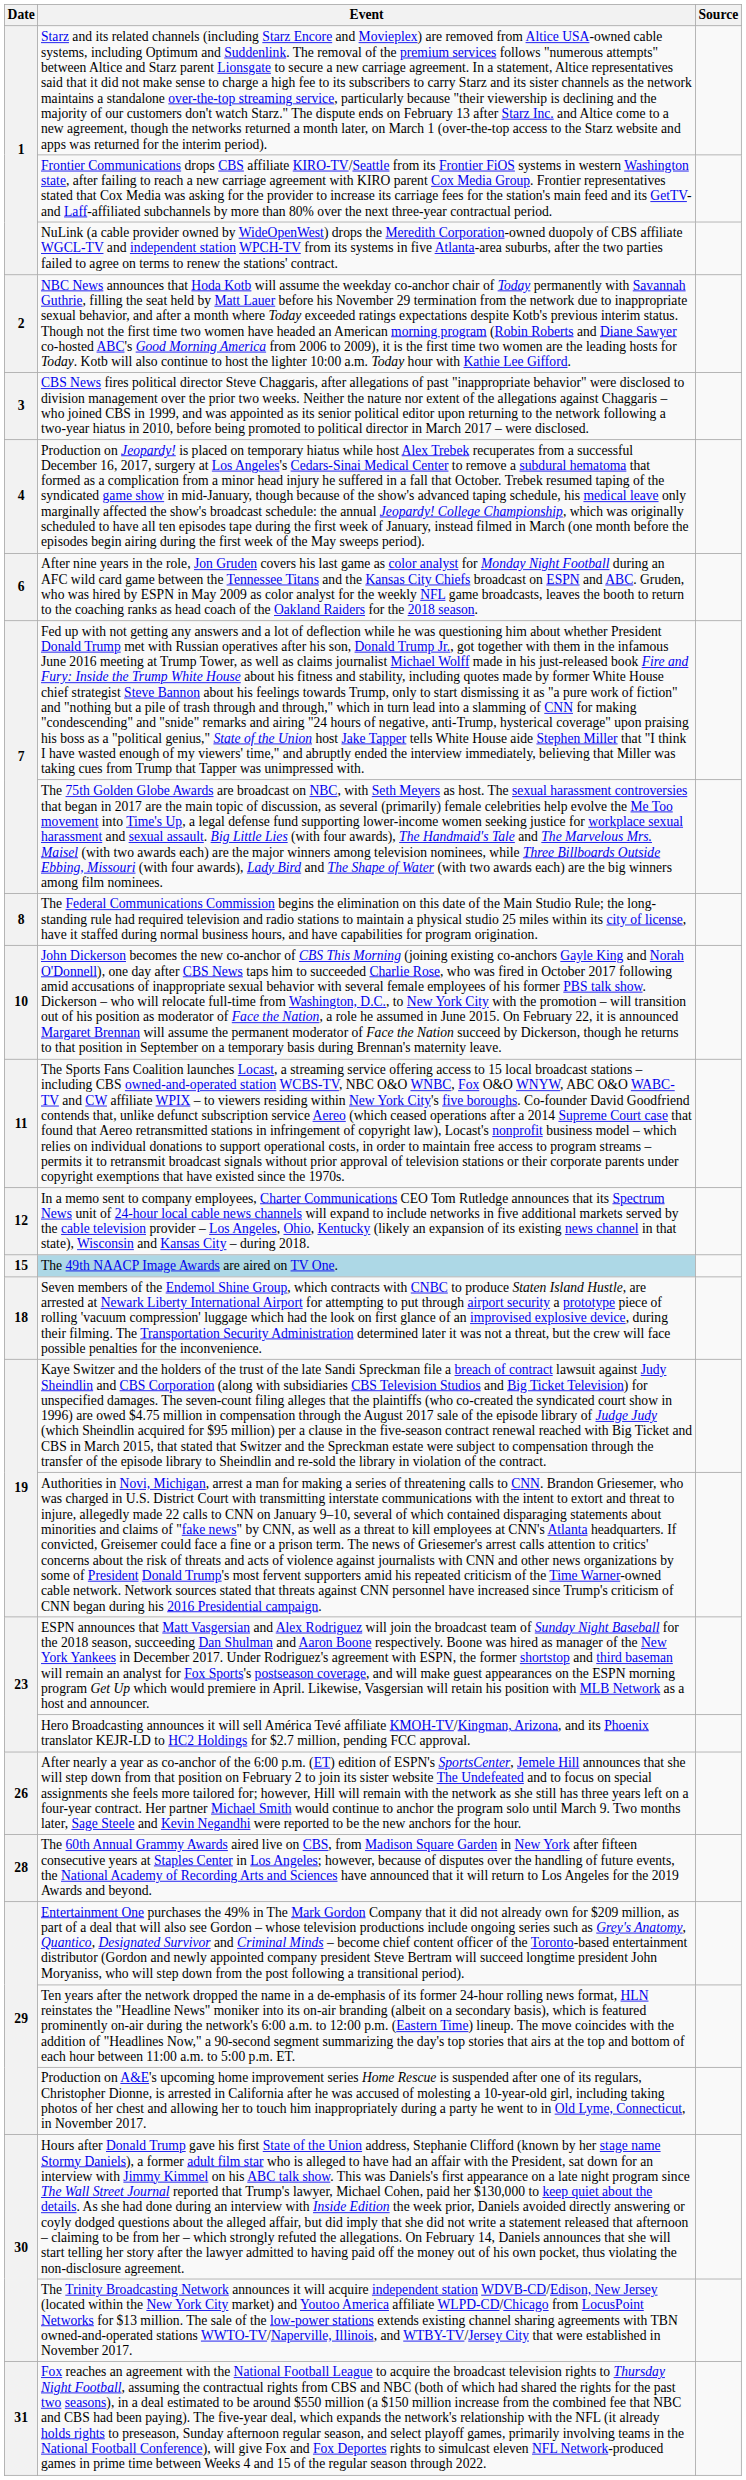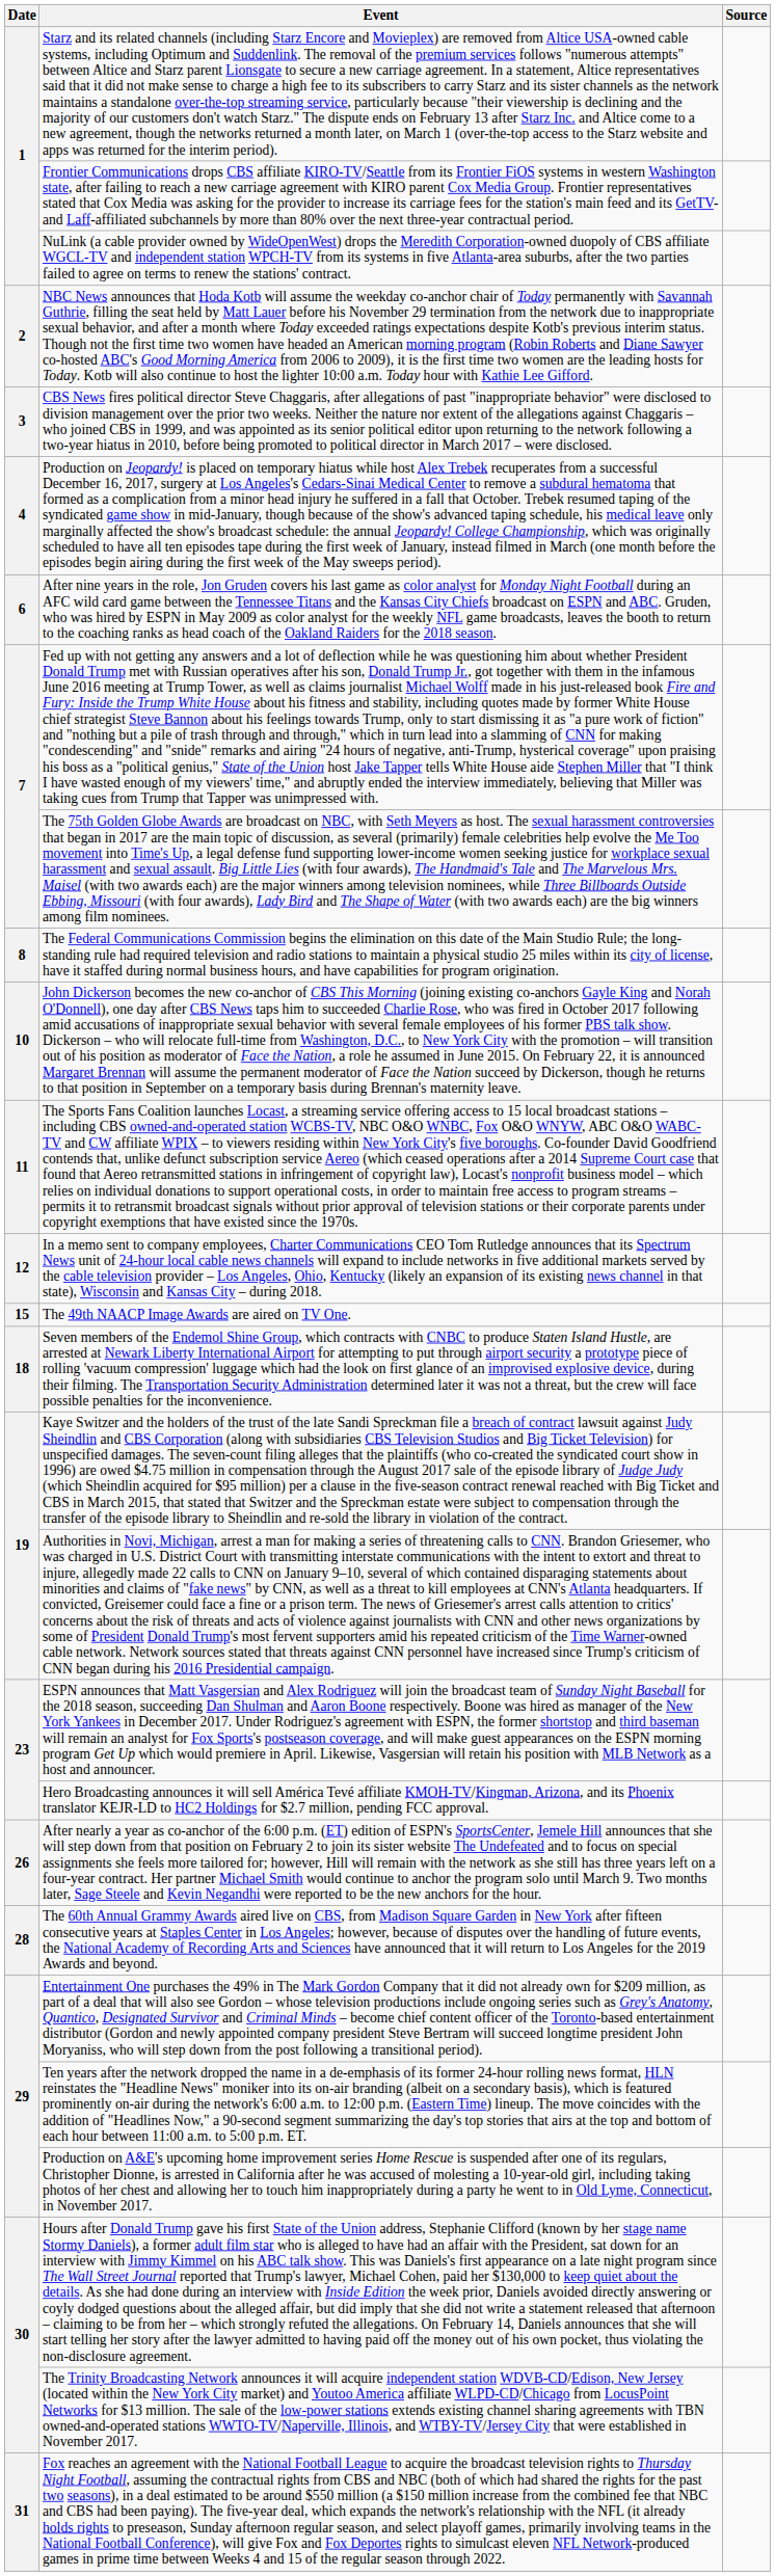 <table class="wikitable">
 <tr>
 <th>Date</th>
 <th>Event</th>
 <th>Source</th>
 </tr>
 <tr>
 <th rowspan=3>1</th>
 <td><a href='#'>Starz</a> and its related channels (including <a href='#'>Starz Encore</a> and <a href='#'>Movieplex</a>) are removed from <a href='#'>Altice USA</a>-owned cable systems, including Optimum and <a href='#'>Suddenlink</a>. The removal of the <a href='#'>premium services</a> follows "numerous attempts" between Altice and Starz parent <a href='#'>Lionsgate</a> to secure a new carriage agreement. In a statement, Altice representatives said that it did not make sense to charge a high fee to its subscribers to carry Starz and its sister channels as the network maintains a standalone <a href='#'>over-the-top streaming service</a>, particularly because "their viewership is declining and the majority of our customers don't watch Starz." The dispute ends on February 13 after <a href='#'>Starz Inc.</a> and Altice come to a new agreement, though the networks returned a month later, on March 1 (over-the-top access to the Starz website and apps was returned for the interim period).</td>
 <td></td>
 </tr>
 <tr>
 <td><a href='#'>Frontier Communications</a> drops <a href='#'>CBS</a> affiliate <a href='#'>KIRO-TV</a>/<a href='#'>Seattle</a> from its <a href='#'>Frontier FiOS</a> systems in western <a href='#'>Washington state</a>, after failing to reach a new carriage agreement with KIRO parent <a href='#'>Cox Media Group</a>. Frontier representatives stated that Cox Media was asking for the provider to increase its carriage fees for the station's main feed and its <a href='#'>GetTV</a>- and <a href='#'>Laff</a>-affiliated subchannels by more than 80% over the next three-year contractual period.</td>
 <td></td>
 </tr>
 <tr>
 <td>NuLink (a cable provider owned by <a href='#'>WideOpenWest</a>) drops the <a href='#'>Meredith Corporation</a>-owned duopoly of CBS affiliate <a href='#'>WGCL-TV</a> and <a href='#'>independent station</a> <a href='#'>WPCH-TV</a> from its systems in five <a href='#'>Atlanta</a>-area suburbs, after the two parties failed to agree on terms to renew the stations' contract.</td>
 <td></td>
 </tr>
 <tr>
 <th>2</th>
 <td><a href='#'>NBC News</a> announces that <a href='#'>Hoda Kotb</a> will assume the weekday co-anchor chair of <em><a href='#'>Today</a></em> permanently with <a href='#'>Savannah Guthrie</a>, filling the seat held by <a href='#'>Matt Lauer</a> before his November 29 termination from the network due to inappropriate sexual behavior, and after a month where <em>Today</em> exceeded ratings expectations despite Kotb's previous interim status. Though not the first time two women have headed an American <a href='#'>morning program</a> (<a href='#'>Robin Roberts</a> and <a href='#'>Diane Sawyer</a> co-hosted <a href='#'>ABC</a>'s <em><a href='#'>Good Morning America</a></em> from 2006 to 2009), it is the first time two women are the leading hosts for <em>Today</em>. Kotb will also continue to host the lighter 10:00 a.m. <em>Today</em> hour with <a href='#'>Kathie Lee Gifford</a>.</td>
 <td></td>
 </tr>
 <tr>
 <th>3</th>
 <td><a href='#'>CBS News</a> fires political director Steve Chaggaris, after allegations of past "inappropriate behavior" were disclosed to division management over the prior two weeks. Neither the nature nor extent of the allegations against Chaggaris – who joined CBS in 1999, and was appointed as its senior political editor upon returning to the network following a two-year hiatus in 2010, before being promoted to political director in March 2017 – were disclosed.</td>
 <td><br></td>
 </tr>
 <tr>
 <th>4</th>
 <td>Production on <em><a href='#'>Jeopardy!</a></em> is placed on temporary hiatus while host <a href='#'>Alex Trebek</a> recuperates from a successful December 16, 2017, surgery at <a href='#'>Los Angeles</a>'s <a href='#'>Cedars-Sinai Medical Center</a> to remove a <a href='#'>subdural hematoma</a> that formed as a complication from a minor head injury he suffered in a fall that October. Trebek resumed taping of the syndicated <a href='#'>game show</a> in mid-January, though because of the show's advanced taping schedule, his <a href='#'>medical leave</a> only marginally affected the show's broadcast schedule: the annual <em><a href='#'>Jeopardy! College Championship</a></em>, which was originally scheduled to have all ten episodes tape during the first week of January, instead filmed in March (one month before the episodes begin airing during the first week of the May sweeps period).</td>
 <td><br></td>
 </tr>
 <tr>
 <th>6</th>
 <td>After nine years in the role, <a href='#'>Jon Gruden</a> covers his last game as <a href='#'>color analyst</a> for <em><a href='#'>Monday Night Football</a></em> during an AFC wild card game between the <a href='#'>Tennessee Titans</a> and the <a href='#'>Kansas City Chiefs</a> broadcast on <a href='#'>ESPN</a> and <a href='#'>ABC</a>. Gruden, who was hired by ESPN in May 2009 as color analyst for the weekly <a href='#'>NFL</a> game broadcasts, leaves the booth to return to the coaching ranks as head coach of the <a href='#'>Oakland Raiders</a> for the <a href='#'>2018 season</a>.</td>
 <td></td>
 </tr>
 <tr>
 <th rowspan=2>7</th>
 <td>Fed up with not getting any answers and a lot of deflection while he was questioning him about whether President <a href='#'>Donald Trump</a> met with Russian operatives after his son, <a href='#'>Donald Trump Jr.</a>, got together with them in the infamous June 2016 meeting at Trump Tower, as well as claims journalist <a href='#'>Michael Wolff</a> made in his just-released book <em><a href='#'>Fire and Fury: Inside the Trump White House</a></em> about his fitness and stability, including quotes made by former White House chief strategist <a href='#'>Steve Bannon</a> about his feelings towards Trump, only to start dismissing it as "a pure work of fiction" and "nothing but a pile of trash through and through," which in turn lead into a slamming of <a href='#'>CNN</a> for making "condescending" and "snide" remarks and airing "24 hours of negative, anti-Trump, hysterical coverage" upon praising his boss as a "political genius," <em><a href='#'>State of the Union</a></em> host <a href='#'>Jake Tapper</a> tells White House aide <a href='#'>Stephen Miller</a> that "I think I have wasted enough of my viewers' time," and abruptly ended the interview immediately, believing that Miller was taking cues from Trump that Tapper was unimpressed with.</td>
 <td></td>
 </tr>
 <tr>
 <td>The <a href='#'>75th Golden Globe Awards</a> are broadcast on <a href='#'>NBC</a>, with <a href='#'>Seth Meyers</a> as host. The <a href='#'>sexual harassment controversies</a> that began in 2017 are the main topic of discussion, as several (primarily) female celebrities help evolve the <a href='#'>Me Too movement</a> into <a href='#'>Time's Up</a>, a legal defense fund supporting lower-income women seeking justice for <a href='#'>workplace sexual harassment</a> and <a href='#'>sexual assault</a>. <em><a href='#'>Big Little Lies</a></em> (with four awards), <em><a href='#'>The Handmaid's Tale</a></em> and <em><a href='#'>The Marvelous Mrs. Maisel</a></em> (with two awards each) are the major winners among television nominees, while <em><a href='#'>Three Billboards Outside Ebbing, Missouri</a></em> (with four awards), <em><a href='#'>Lady Bird</a></em> and <em><a href='#'>The Shape of Water</a></em> (with two awards each) are the big winners among film nominees.</td>
 <td></td>
 </tr>
 <tr>
 <th>8</th>
 <td>The <a href='#'>Federal Communications Commission</a> begins the elimination on this date of the Main Studio Rule; the long-standing rule had required television and radio stations to maintain a physical studio 25 miles within its <a href='#'>city of license</a>, have it staffed during normal business hours, and have capabilities for program origination.</td>
 <td></td>
 </tr>
 <tr>
 <th>10</th>
 <td><a href='#'>John Dickerson</a> becomes the new co-anchor of <em><a href='#'>CBS This Morning</a></em> (joining existing co-anchors <a href='#'>Gayle King</a> and <a href='#'>Norah O'Donnell</a>), one day after <a href='#'>CBS News</a> taps him to succeeded <a href='#'>Charlie Rose</a>, who was fired in October 2017 following amid accusations of inappropriate sexual behavior with several female employees of his former <a href='#'>PBS talk show</a>. Dickerson – who will relocate full-time from <a href='#'>Washington, D.C.</a>, to <a href='#'>New York City</a> with the promotion – will transition out of his position as moderator of <em><a href='#'>Face the Nation</a></em>, a role he assumed in June 2015. On February 22, it is announced <a href='#'>Margaret Brennan</a> will assume the permanent moderator of <em>Face the Nation</em> succeed by Dickerson, though he returns to that position in September on a temporary basis during Brennan's maternity leave.</td>
 <td><br></td>
 </tr>
 <tr>
 <th>11</th>
 <td>The Sports Fans Coalition launches <a href='#'>Locast</a>, a streaming service offering access to 15 local broadcast stations – including CBS <a href='#'>owned-and-operated station</a> <a href='#'>WCBS-TV</a>, NBC O&O <a href='#'>WNBC</a>, <a href='#'>Fox</a> O&O <a href='#'>WNYW</a>, ABC O&O <a href='#'>WABC-TV</a> and <a href='#'>CW</a> affiliate <a href='#'>WPIX</a> – to viewers residing within <a href='#'>New York City</a>'s <a href='#'>five boroughs</a>. Co-founder David Goodfriend contends that, unlike defunct subscription service <a href='#'>Aereo</a> (which ceased operations after a 2014 <a href='#'>Supreme Court case</a> that found that Aereo retransmitted stations in infringement of copyright law), Locast's <a href='#'>nonprofit</a> business model – which relies on individual donations to support operational costs, in order to maintain free access to program streams – permits it to retransmit broadcast signals without prior approval of television stations or their corporate parents under copyright exemptions that have existed since the 1970s.</td>
 <td></td>
 </tr>
 <tr>
 <th>12</th>
 <td>In a memo sent to company employees, <a href='#'>Charter Communications</a> CEO Tom Rutledge announces that its <a href='#'>Spectrum News</a> unit of <a href='#'>24-hour local cable news channels</a> will expand to include networks in five additional markets served by the <a href='#'>cable television</a> provider – <a href='#'>Los Angeles</a>, <a href='#'>Ohio</a>, <a href='#'>Kentucky</a> (likely an expansion of its existing <a href='#'>news channel</a> in that state), <a href='#'>Wisconsin</a> and <a href='#'>Kansas City</a> – during 2018.</td>
 <td></td>
 </tr>
 <tr>
 <th>15</th>
-<td style="background: lightblue;">The <a href='#'>49th NAACP Image Awards</a> are aired on <a href='#'>TV One</a>.</td>
+<td>The <a href='#'>49th NAACP Image Awards</a> are aired on <a href='#'>TV One</a>.</td>
 <td></td>
 </tr>
 <tr>
 <th>18</th>
 <td>Seven members of the <a href='#'>Endemol Shine Group</a>, which contracts with <a href='#'>CNBC</a> to produce <em>Staten Island Hustle</em>, are arrested at <a href='#'>Newark Liberty International Airport</a> for attempting to put through <a href='#'>airport security</a> a <a href='#'>prototype</a> piece of rolling 'vacuum compression' luggage which had the look on first glance of an <a href='#'>improvised explosive device</a>, during their filming. The <a href='#'>Transportation Security Administration</a> determined later it was not a threat, but the crew will face possible penalties for the inconvenience.</td>
 <td></td>
 </tr>
 <tr>
 <th rowspan=2>19</th>
 <td>Kaye Switzer and the holders of the trust of the late Sandi Spreckman file a <a href='#'>breach of contract</a> lawsuit against <a href='#'>Judy Sheindlin</a> and <a href='#'>CBS Corporation</a> (along with subsidiaries <a href='#'>CBS Television Studios</a> and <a href='#'>Big Ticket Television</a>) for unspecified damages. The seven-count filing alleges that the plaintiffs (who co-created the syndicated court show in 1996) are owed $4.75 million in compensation through the August 2017 sale of the episode library of <em><a href='#'>Judge Judy</a></em> (which Sheindlin acquired for $95 million) per a clause in the five-season contract renewal reached with Big Ticket and CBS in March 2015, that stated that Switzer and the Spreckman estate were subject to compensation through the transfer of the episode library to Sheindlin and re-sold the library in violation of the contract.</td>
 <td></td>
 </tr>
 <tr>
 <td>Authorities in <a href='#'>Novi, Michigan</a>, arrest a man for making a series of threatening calls to <a href='#'>CNN</a>. Brandon Griesemer, who was charged in U.S. District Court with transmitting interstate communications with the intent to extort and threat to injure, allegedly made 22 calls to CNN on January 9–10, several of which contained disparaging statements about minorities and claims of "<a href='#'>fake news</a>" by CNN, as well as a threat to kill employees at CNN's <a href='#'>Atlanta</a> headquarters. If convicted, Greisemer could face a fine or a prison term. The news of Griesemer's arrest calls attention to critics' concerns about the risk of threats and acts of violence against journalists with CNN and other news organizations by some of <a href='#'>President</a> <a href='#'>Donald Trump</a>'s most fervent supporters amid his repeated criticism of the <a href='#'>Time Warner</a>-owned cable network. Network sources stated that threats against CNN personnel have increased since Trump's criticism of CNN began during his <a href='#'>2016 Presidential campaign</a>.</td>
 <td></td>
 </tr>
 <tr>
 <th rowspan=2>23</th>
 <td>ESPN announces that <a href='#'>Matt Vasgersian</a> and <a href='#'>Alex Rodriguez</a> will join the broadcast team of <em><a href='#'>Sunday Night Baseball</a></em> for the 2018 season, succeeding <a href='#'>Dan Shulman</a> and <a href='#'>Aaron Boone</a> respectively. Boone was hired as manager of the <a href='#'>New York Yankees</a> in December 2017. Under Rodriguez's agreement with ESPN, the former <a href='#'>shortstop</a> and <a href='#'>third baseman</a> will remain an analyst for <a href='#'>Fox Sports</a>'s <a href='#'>postseason coverage</a>, and will make guest appearances on the ESPN morning program <em>Get Up</em> which would premiere in April. Likewise, Vasgersian will retain his position with <a href='#'>MLB Network</a> as a host and announcer.</td>
 <td><br></td>
 </tr>
 <tr>
 <td>Hero Broadcasting announces it will sell América Tevé affiliate <a href='#'>KMOH-TV</a>/<a href='#'>Kingman, Arizona</a>, and its <a href='#'>Phoenix</a> translator KEJR-LD to <a href='#'>HC2 Holdings</a> for $2.7 million, pending FCC approval.</td>
 <td></td>
 </tr>
 <tr>
 <th>26</th>
 <td>After nearly a year as co-anchor of the 6:00 p.m. (<a href='#'>ET</a>) edition of ESPN's <em><a href='#'>SportsCenter</a></em>, <a href='#'>Jemele Hill</a> announces that she will step down from that position on February 2 to join its sister website <a href='#'>The Undefeated</a> and to focus on special assignments she feels more tailored for; however, Hill will remain with the network as she still has three years left on a four-year contract. Her partner <a href='#'>Michael Smith</a> would continue to anchor the program solo until March 9. Two months later, <a href='#'>Sage Steele</a> and <a href='#'>Kevin Negandhi</a> were reported to be the new anchors for the hour.</td>
 <td><br></td>
 </tr>
 <tr>
 <th>28</th>
 <td>The <a href='#'>60th Annual Grammy Awards</a> aired live on <a href='#'>CBS</a>, from <a href='#'>Madison Square Garden</a> in <a href='#'>New York</a> after fifteen consecutive years at <a href='#'>Staples Center</a> in <a href='#'>Los Angeles</a>; however, because of disputes over the handling of future events, the <a href='#'>National Academy of Recording Arts and Sciences</a> have announced that it will return to Los Angeles for the 2019 Awards and beyond.</td>
 <td><br></td>
 </tr>
 <tr>
 <th rowspan=3>29</th>
 <td><a href='#'>Entertainment One</a> purchases the 49% in The <a href='#'>Mark Gordon</a> Company that it did not already own for $209 million, as part of a deal that will also see Gordon – whose television productions include ongoing series such as <em><a href='#'>Grey's Anatomy</a></em>, <em><a href='#'>Quantico</a></em>, <em><a href='#'>Designated Survivor</a></em> and <em><a href='#'>Criminal Minds</a></em> – become chief content officer of the <a href='#'>Toronto</a>-based entertainment distributor (Gordon and newly appointed company president Steve Bertram will succeed longtime president John Moryaniss, who will step down from the post following a transitional period).</td>
 <td></td>
 </tr>
 <tr>
 <td>Ten years after the network dropped the name in a de-emphasis of its former 24-hour rolling news format, <a href='#'>HLN</a> reinstates the "Headline News" moniker into its on-air branding (albeit on a secondary basis), which is featured prominently on-air during the network's 6:00 a.m. to 12:00 p.m. (<a href='#'>Eastern Time</a>) lineup. The move coincides with the addition of "Headlines Now," a 90-second segment summarizing the day's top stories that airs at the top and bottom of each hour between 11:00 a.m. to 5:00 p.m. ET.</td>
 <td></td>
 </tr>
 <tr>
 <td>Production on <a href='#'>A&E</a>'s upcoming home improvement series <em>Home Rescue</em> is suspended after one of its regulars, Christopher Dionne, is arrested in California after he was accused of molesting a 10-year-old girl, including taking photos of her chest and allowing her to touch him inappropriately during a party he went to in <a href='#'>Old Lyme, Connecticut</a>, in November 2017.</td>
 <td></td>
 </tr>
 <tr>
 <th rowspan=2>30</th>
 <td>Hours after <a href='#'>Donald Trump</a> gave his first <a href='#'>State of the Union</a> address, Stephanie Clifford (known by her <a href='#'>stage name</a> <a href='#'>Stormy Daniels</a>), a former <a href='#'>adult film star</a> who is alleged to have had an affair with the President, sat down for an interview with <a href='#'>Jimmy Kimmel</a> on his <a href='#'>ABC talk show</a>. This was Daniels's first appearance on a late night program since <em><a href='#'>The Wall Street Journal</a></em> reported that Trump's lawyer, Michael Cohen, paid her $130,000 to <a href='#'>keep quiet about the details</a>. As she had done during an interview with <em><a href='#'>Inside Edition</a></em> the week prior, Daniels avoided directly answering or coyly dodged questions about the alleged affair, but did imply that she did not write a statement released that afternoon – claiming to be from her – which strongly refuted the allegations. On February 14, Daniels announces that she will start telling her story after the lawyer admitted to having paid off the money out of his own pocket, thus violating the non-disclosure agreement.</td>
 <td><br></td>
 </tr>
 <tr>
 <td>The <a href='#'>Trinity Broadcasting Network</a> announces it will acquire <a href='#'>independent station</a> <a href='#'>WDVB-CD</a>/<a href='#'>Edison, New Jersey</a> (located within the <a href='#'>New York City</a> market) and <a href='#'>Youtoo America</a> affiliate <a href='#'>WLPD-CD</a>/<a href='#'>Chicago</a> from <a href='#'>LocusPoint Networks</a> for $13 million. The sale of the <a href='#'>low-power stations</a> extends existing channel sharing agreements with TBN owned-and-operated stations <a href='#'>WWTO-TV</a>/<a href='#'>Naperville, Illinois</a>, and <a href='#'>WTBY-TV</a>/<a href='#'>Jersey City</a> that were established in November 2017.</td>
 <td></td>
 </tr>
 <tr>
 <th>31</th>
 <td><a href='#'>Fox</a> reaches an agreement with the <a href='#'>National Football League</a> to acquire the broadcast television rights to <em><a href='#'>Thursday Night Football</a></em>, assuming the contractual rights from CBS and NBC (both of which had shared the rights for the past <a href='#'>two</a> <a href='#'>seasons</a>), in a deal estimated to be around $550 million (a $150 million increase from the combined fee that NBC and CBS had been paying). The five-year deal, which expands the network's relationship with the NFL (it already <a href='#'>holds rights</a> to preseason, Sunday afternoon regular season, and select playoff games, primarily involving teams in the <a href='#'>National Football Conference</a>), will give Fox and <a href='#'>Fox Deportes</a> rights to simulcast eleven <a href='#'>NFL Network</a>-produced games in prime time between Weeks 4 and 15 of the regular season through 2022.</td>
 <td></td>
 </tr>
 </table>
